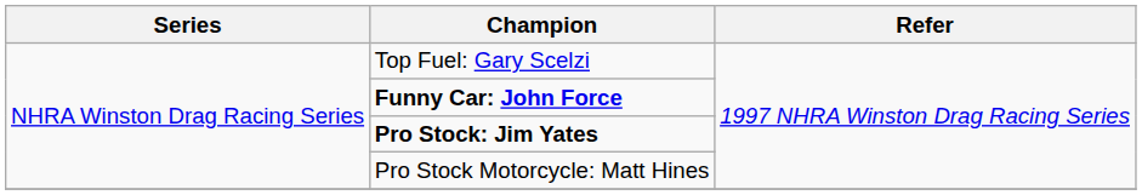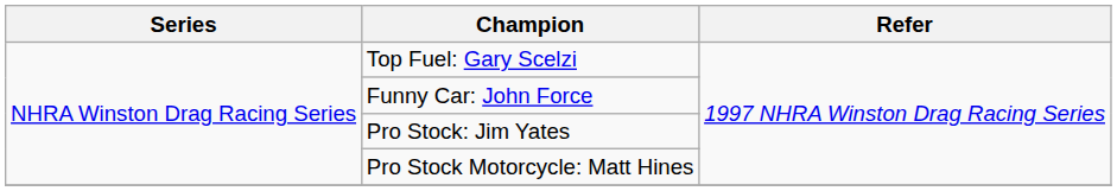 <table class="wikitable" style="font-size:87%;">
 <tr>
 <th>Series</th>
 <th>Champion</th>
 <th>Refer</th>
 </tr>
 <tr>
 <td rowspan=4><a href='#'>NHRA Winston Drag Racing Series</a></td>
 <td>Top Fuel:  <a href='#'>Gary Scelzi</a></td>
 <td rowspan=4><em><a href='#'>1997 NHRA Winston Drag Racing Series</a></em></td>
 </tr>
 <tr>
-<td><strong>Funny Car:  <a href='#'>John Force</a></strong></td>
+<td>Funny Car:  <a href='#'>John Force</a></td>
 </tr>
 <tr>
-<td><strong>Pro Stock:  Jim Yates</strong></td>
+<td>Pro Stock:  Jim Yates</td>
 </tr>
 <tr>
 <td>Pro Stock Motorcycle:  Matt Hines</td>
 </tr>
 <tr>
 </tr>
 </table>
